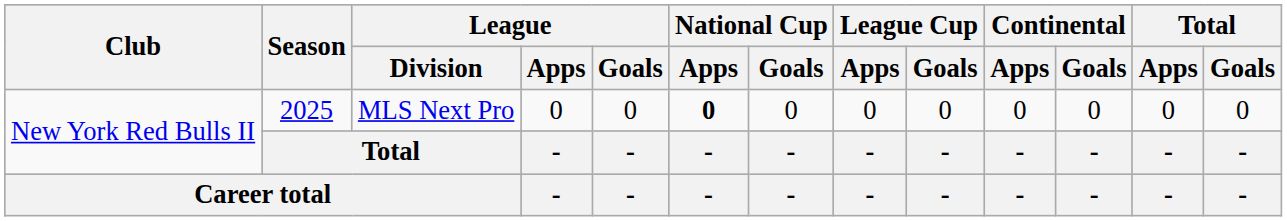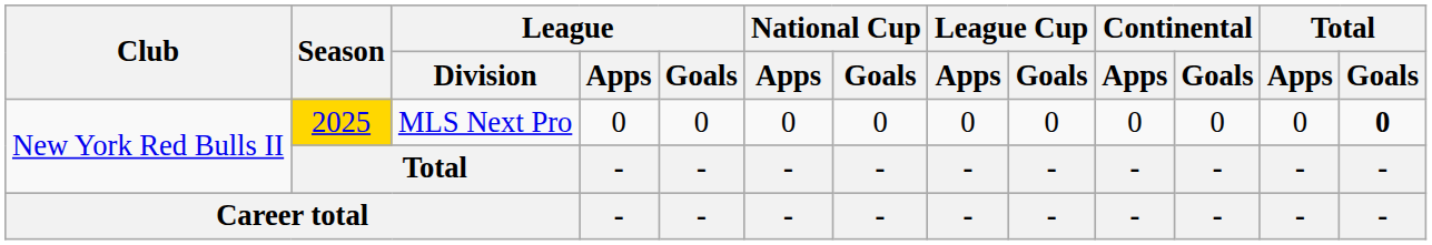 <table class="wikitable" style="text-align:center">
 <tr>
 <th rowspan="2">Club</th>
 <th rowspan="2">Season</th>
 <th colspan="3">League</th>
 <th colspan="2">National Cup </th>
 <th colspan="2">League Cup</th>
 <th colspan="2">Continental</th>
 <th colspan="2">Total</th>
 </tr>
 <tr>
 <th>Division</th>
 <th>Apps</th>
 <th>Goals</th>
 <th>Apps</th>
 <th>Goals</th>
 <th>Apps</th>
 <th>Goals</th>
 <th>Apps</th>
 <th>Goals</th>
 <th>Apps</th>
 <th>Goals</th>
 </tr>
 <tr>
 <td rowspan="2"><a href='#'>New York Red Bulls II</a></td>
-<td><a href='#'>2025</a></td>
+<td style="background: gold;"><a href='#'>2025</a></td>
 <td rowspan="1"><a href='#'>MLS Next Pro</a></td>
-<td>0</td>
-<td>0</td>
-<td><strong>0</strong></td>
 <td>0</td>
 <td>0</td>
 <td>0</td>
 <td>0</td>
 <td>0</td>
 <td>0</td>
 <td>0</td>
+<td>0</td>
+<td>0</td>
+<td><strong>0</strong></td>
 </tr>
 <tr>
 <th colspan="2">Total</th>
 <th>-</th>
 <th>-</th>
 <th>-</th>
 <th>-</th>
 <th>-</th>
 <th>-</th>
 <th>-</th>
 <th>-</th>
 <th>-</th>
 <th>-</th>
 </tr>
 <tr>
 <th colspan="3">Career total</th>
 <th>-</th>
 <th>-</th>
 <th>-</th>
 <th>-</th>
 <th>-</th>
 <th>-</th>
 <th>-</th>
 <th>-</th>
 <th>-</th>
 <th>-</th>
 </tr>
 </table>
